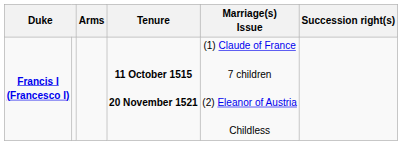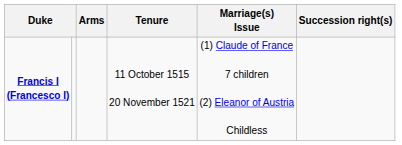 <table class="wikitable" style="line-height:1.4em; text-align:center">
 <tr>
 <th colspan=2>Duke</th>
 <th>Arms</th>
 <th>Tenure</th>
 <th>Marriage(s)<br>Issue</th>
 <th>Succession right(s)</th>
 </tr>
 <tr>
 <td><strong><a href='#'>Francis I<br><span><span>(Francesco I)</span></span></a></strong><br></td>
 <td></td>
 <td></td>
-<td><strong>11 October 1515<br><br>20 November 1521</strong></td>
+<td>11 October 1515<br><br>20 November 1521</td>
 <td>(1) <a href='#'>Claude of France</a><br><br>7 children<br><br>(2) <a href='#'>Eleanor of Austria</a><br><br>Childless</td>
 <td></td>
 </tr>
 </table>
